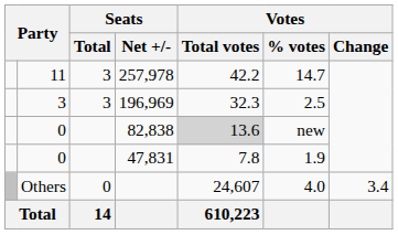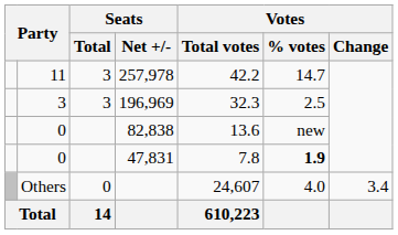 <table class="wikitable" style="text-align:right; font-size:95%;">
 <tr>
 <th colspan="2" rowspan="2">Party</th>
 <th colspan="2">Seats</th>
 <th colspan="3">Votes</th>
 </tr>
 <tr>
 <th>Total</th>
 <th>Net +/-</th>
 <th>Total votes</th>
 <th>% votes</th>
 <th>Change</th>
 </tr>
 <tr>
 <td></td>
 <td>11</td>
 <td>3</td>
 <td>257,978</td>
 <td>42.2</td>
 <td>14.7</td>
 </tr>
 <tr>
 <td></td>
 <td>3</td>
 <td>3</td>
 <td>196,969</td>
 <td>32.3</td>
 <td>2.5</td>
 </tr>
 <tr>
 <td></td>
 <td>0</td>
 <td></td>
 <td>82,838</td>
-<td style="background: lightgrey;">13.6</td>
+<td>13.6</td>
 <td>new</td>
 </tr>
 <tr>
 <td></td>
 <td>0</td>
 <td></td>
 <td>47,831</td>
 <td>7.8</td>
-<td>1.9</td>
+<td><strong>1.9</strong></td>
 </tr>
 <tr>
 <td style="background:silver;"> </td>
 <td align=left>Others</td>
 <td>0</td>
 <td></td>
 <td>24,607</td>
 <td>4.0</td>
 <td>3.4</td>
 </tr>
 <tr>
 <th colspan="2" style="background:#f2f2f2">Total</th>
 <td style="background:#f2f2f2;"><strong>14</strong></td>
 <td style="background:#f2f2f2;"></td>
 <td style="background:#f2f2f2;"><strong>610,223</strong></td>
 <td style="background:#f2f2f2;"></td>
 <td style="background:#f2f2f2;"></td>
 </tr>
 </table>
